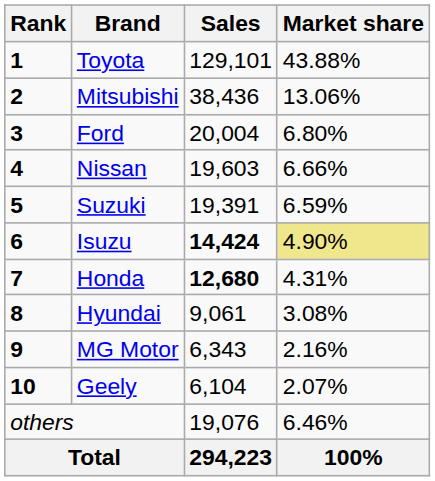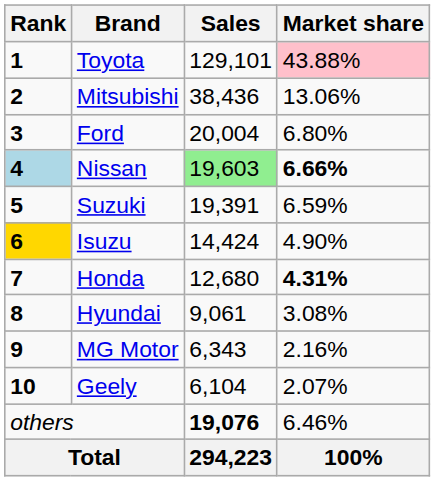 <table class="wikitable" align="left" style="text-align: left; font-size:90%;">
 <tr>
 <th>Rank</th>
 <th>Brand</th>
 <th>Sales</th>
 <th>Market share</th>
 </tr>
 <tr>
 <td><strong>1</strong></td>
 <td><a href='#'>Toyota</a></td>
 <td>129,101</td>
-<td>43.88%</td>
+<td style="background: pink;">43.88%</td>
 </tr>
 <tr>
 <td><strong>2</strong></td>
 <td><a href='#'>Mitsubishi</a></td>
 <td>38,436</td>
 <td>13.06%</td>
 </tr>
 <tr>
 <td><strong>3</strong></td>
 <td><a href='#'>Ford</a></td>
 <td>20,004</td>
 <td>6.80%</td>
 </tr>
 <tr>
-<td><strong>4</strong></td>
+<td style="background: lightblue;"><strong>4</strong></td>
 <td><a href='#'>Nissan</a></td>
-<td>19,603</td>
-<td>6.66%</td>
+<td style="background: lightgreen;">19,603</td>
+<td><strong>6.66%</strong></td>
 </tr>
 <tr>
 <td><strong>5</strong></td>
 <td><a href='#'>Suzuki</a></td>
 <td>19,391</td>
 <td>6.59%</td>
 </tr>
 <tr>
-<td><strong>6</strong></td>
+<td style="background: gold;"><strong>6</strong></td>
 <td><a href='#'>Isuzu</a></td>
-<td><strong>14,424</strong></td>
-<td style="background: khaki;">4.90%</td>
+<td>14,424</td>
+<td>4.90%</td>
 </tr>
 <tr>
 <td><strong>7</strong></td>
 <td><a href='#'>Honda</a></td>
-<td><strong>12,680</strong></td>
-<td>4.31%</td>
+<td>12,680</td>
+<td><strong>4.31%</strong></td>
 </tr>
 <tr>
 <td><strong>8</strong></td>
 <td><a href='#'>Hyundai</a></td>
 <td>9,061</td>
 <td>3.08%</td>
 </tr>
 <tr>
 <td><strong>9</strong></td>
 <td><a href='#'>MG Motor</a></td>
 <td>6,343</td>
 <td>2.16%</td>
 </tr>
 <tr>
 <td><strong>10</strong></td>
 <td><a href='#'>Geely</a></td>
 <td>6,104</td>
 <td>2.07%</td>
 </tr>
 <tr>
 <td colspan="2"><em>others</em></td>
-<td>19,076</td>
+<td><strong>19,076</strong></td>
 <td>6.46%</td>
 </tr>
 <tr>
 <th colspan="2">Total</th>
 <th>294,223</th>
 <th>100%</th>
 </tr>
 </table>
